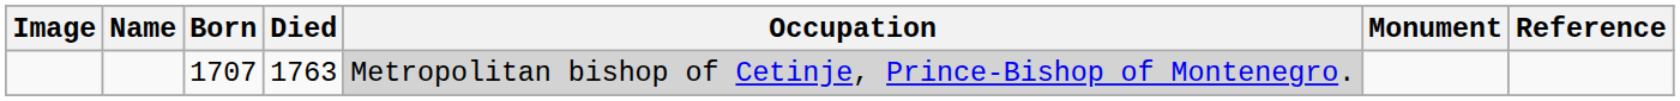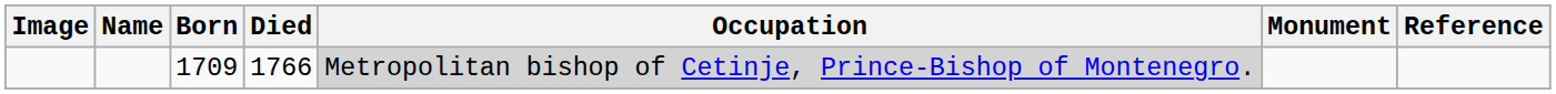 <table class="wikitable sortable">
 <tr>
 <th scope=col class=unsortable>Image</th>
 <th scope=col>Name</th>
 <th scope=col>Born</th>
 <th scope=col>Died</th>
 <th scope=col class=unsortable>Occupation</th>
 <th scope=col class=unsortable>Monument</th>
 <th scope=col class=unsortable>Reference</th>
 </tr>
 <tr>
 <td></td>
 <td></td>
-<td>1707</td>
-<td>1763</td>
+<td>1709</td>
+<td>1766</td>
 <td style="background: lightgrey;">Metropolitan bishop of <a href='#'>Cetinje</a>, <a href='#'>Prince-Bishop of Montenegro</a>.</td>
 <td></td>
 <td></td>
 </tr>
 </table>
